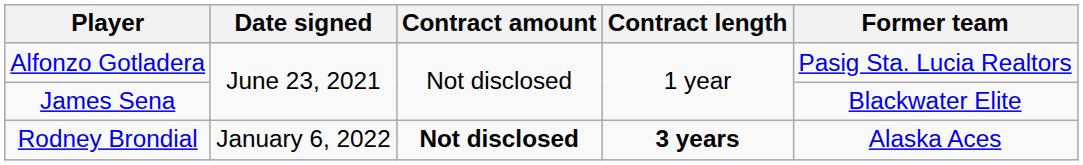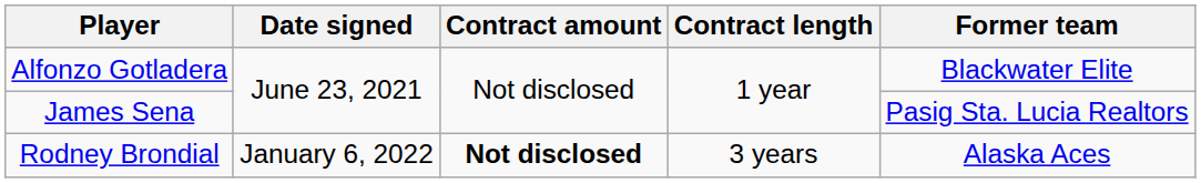 <table class="wikitable sortable sortable">
 <tr>
 <th>Player</th>
 <th>Date signed</th>
 <th>Contract amount</th>
 <th>Contract length</th>
 <th>Former team</th>
 </tr>
 <tr>
 <td align=center><a href='#'>Alfonzo Gotladera</a></td>
 <td align=center rowspan=2>June 23, 2021</td>
 <td align=center rowspan=2>Not disclosed</td>
 <td align=center rowspan=2>1 year</td>
-<td align=center><a href='#'>Pasig Sta. Lucia Realtors</a> </td>
+<td align=center><a href='#'>Blackwater Elite</a></td>
 </tr>
 <tr>
 <td align=center><a href='#'>James Sena</a></td>
-<td align=center><a href='#'>Blackwater Elite</a></td>
+<td align=center><a href='#'>Pasig Sta. Lucia Realtors</a> </td>
 </tr>
 <tr>
 <td align=center><a href='#'>Rodney Brondial</a></td>
 <td align=center rowspan=2>January 6, 2022</td>
 <td align=center><strong>Not disclosed</strong></td>
-<td align=center><strong>3 years</strong></td>
+<td align=center>3 years</td>
 <td align=center><a href='#'>Alaska Aces</a></td>
 </tr>
 </table>
